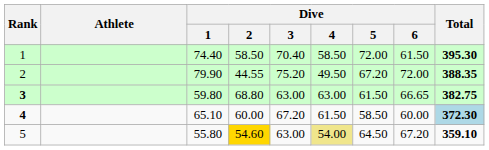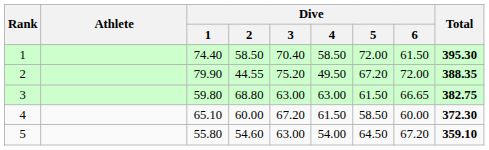 <table class="wikitable" style="text-align:center">
 <tr>
 <th rowspan="2" width="40">Rank</th>
 <th rowspan="2" width="250">Athlete</th>
 <th colspan="6">Dive</th>
 <th rowspan="2" width="60">Total</th>
 </tr>
 <tr>
 <th width="50">1</th>
 <th width="50">2</th>
 <th width="50">3</th>
 <th width="50">4</th>
 <th width="50">5</th>
 <th width="50">6</th>
 </tr>
 <tr bgcolor="ccffcc">
 <td>1</td>
 <td align="left"></td>
 <td>74.40</td>
 <td>58.50</td>
 <td>70.40</td>
 <td>58.50</td>
 <td>72.00</td>
 <td>61.50</td>
 <td><strong>395.30</strong></td>
 </tr>
 <tr bgcolor="ccffcc">
 <td>2</td>
 <td align="left"></td>
 <td>79.90</td>
 <td>44.55</td>
 <td>75.20</td>
 <td>49.50</td>
 <td>67.20</td>
 <td>72.00</td>
 <td><strong>388.35</strong></td>
 </tr>
 <tr bgcolor="ccffcc">
-<td><strong>3</strong></td>
+<td>3</td>
 <td align="left"></td>
 <td>59.80</td>
 <td>68.80</td>
 <td>63.00</td>
 <td>63.00</td>
 <td>61.50</td>
 <td>66.65</td>
 <td><strong>382.75</strong></td>
 </tr>
 <tr>
-<td><strong>4</strong></td>
+<td>4</td>
 <td align="left"></td>
 <td>65.10</td>
 <td>60.00</td>
 <td>67.20</td>
 <td>61.50</td>
 <td>58.50</td>
 <td>60.00</td>
-<td style="background: lightblue;"><strong>372.30</strong></td>
+<td><strong>372.30</strong></td>
 </tr>
 <tr>
 <td>5</td>
 <td align="left"></td>
 <td>55.80</td>
-<td style="background: gold;">54.60</td>
+<td>54.60</td>
 <td>63.00</td>
-<td style="background: khaki;">54.00</td>
+<td>54.00</td>
 <td>64.50</td>
 <td>67.20</td>
 <td><strong>359.10</strong></td>
 </tr>
 </table>
